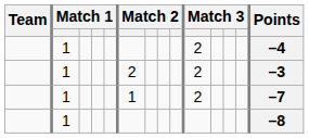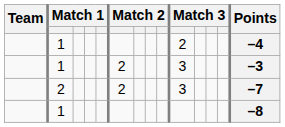 <table class="wikitable sortable" style="text-align:center;">
 <tr>
 <th rowspan=2>Team</th>
 <th colspan=4 style="border-left:3px solid gray">Match 1</th>
 <th colspan=4 style="border-left:3px solid gray">Match 2</th>
 <th colspan=4 style="border-left:3px solid gray">Match 3</th>
 <th rowspan=2 style="border-left:3px solid gray">Points</th>
 </tr>
 <tr>
 <th style="border-left:3px solid gray"></th>
 <th></th>
 <th></th>
 <th></th>
 <th style="border-left:3px solid gray"></th>
 <th></th>
 <th></th>
 <th></th>
 <th style="border-left:3px solid gray"></th>
 <th></th>
 <th></th>
 <th></th>
 </tr>
 <tr>
 <td align=left></td>
 <td style="border-left:3px solid gray">1</td>
 <td></td>
 <td></td>
 <td></td>
 <td style="border-left:3px solid gray"></td>
 <td></td>
 <td></td>
 <td></td>
 <td style="border-left:3px solid gray">2</td>
 <td></td>
 <td></td>
 <td></td>
 <th style="border-left:3px solid gray">–4</th>
 </tr>
 <tr>
 <td align=left></td>
 <td style="border-left:3px solid gray">1</td>
 <td></td>
 <td></td>
 <td></td>
 <td style="border-left:3px solid gray">2</td>
 <td></td>
 <td></td>
 <td></td>
-<td style="border-left:3px solid gray">2</td>
+<td style="border-left:3px solid gray">3</td>
 <td></td>
 <td></td>
 <td></td>
 <th style="border-left:3px solid gray">–3</th>
 </tr>
 <tr>
 <td align=left></td>
-<td style="border-left:3px solid gray">1</td>
-<td></td>
-<td></td>
-<td></td>
-<td style="border-left:3px solid gray">1</td>
+<td style="border-left:3px solid gray">2</td>
 <td></td>
 <td></td>
 <td></td>
 <td style="border-left:3px solid gray">2</td>
+<td></td>
+<td></td>
+<td></td>
+<td style="border-left:3px solid gray">3</td>
 <td></td>
 <td></td>
 <td></td>
 <th style="border-left:3px solid gray">–7</th>
 </tr>
 <tr>
 <td align=left></td>
 <td style="border-left:3px solid gray">1</td>
 <td></td>
 <td></td>
 <td></td>
 <td style="border-left:3px solid gray"></td>
 <td></td>
 <td></td>
 <td></td>
 <td style="border-left:3px solid gray"></td>
 <td></td>
 <td></td>
 <td></td>
 <th style="border-left:3px solid gray">–8</th>
 </tr>
 </table>
